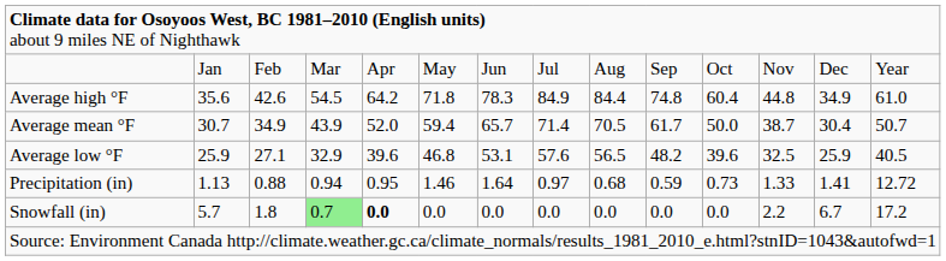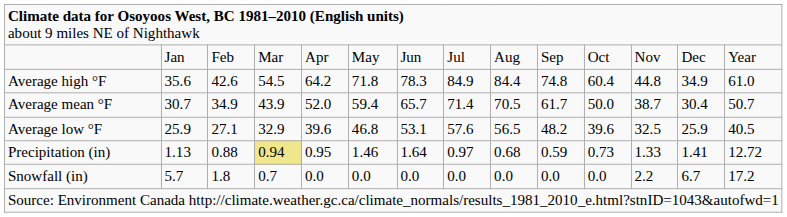 <table class="wikitable" align="center">
 <tr>
 <td colspan="14"><strong>Climate data for Osoyoos West, BC 1981–2010 (English units)</strong><br>about 9 miles NE of Nighthawk</td>
 </tr>
 <tr>
 <td></td>
 <td>Jan</td>
 <td>Feb</td>
 <td>Mar</td>
 <td>Apr</td>
 <td>May</td>
 <td>Jun</td>
 <td>Jul</td>
 <td>Aug</td>
 <td>Sep</td>
 <td>Oct</td>
 <td>Nov</td>
 <td>Dec</td>
 <td>Year</td>
 </tr>
 <tr>
 <td>Average high °F</td>
 <td>35.6</td>
 <td>42.6</td>
 <td>54.5</td>
 <td>64.2</td>
 <td>71.8</td>
 <td>78.3</td>
 <td>84.9</td>
 <td>84.4</td>
 <td>74.8</td>
 <td>60.4</td>
 <td>44.8</td>
 <td>34.9</td>
 <td>61.0</td>
 </tr>
 <tr>
 <td>Average mean °F</td>
 <td>30.7</td>
 <td>34.9</td>
 <td>43.9</td>
 <td>52.0</td>
 <td>59.4</td>
 <td>65.7</td>
 <td>71.4</td>
 <td>70.5</td>
 <td>61.7</td>
 <td>50.0</td>
 <td>38.7</td>
 <td>30.4</td>
 <td>50.7</td>
 </tr>
 <tr>
 <td>Average low °F</td>
 <td>25.9</td>
 <td>27.1</td>
 <td>32.9</td>
 <td>39.6</td>
 <td>46.8</td>
 <td>53.1</td>
 <td>57.6</td>
 <td>56.5</td>
 <td>48.2</td>
 <td>39.6</td>
 <td>32.5</td>
 <td>25.9</td>
 <td>40.5</td>
 </tr>
 <tr>
 <td>Precipitation (in)</td>
 <td>1.13</td>
 <td>0.88</td>
-<td>0.94</td>
+<td style="background: khaki;">0.94</td>
 <td>0.95</td>
 <td>1.46</td>
 <td>1.64</td>
 <td>0.97</td>
 <td>0.68</td>
 <td>0.59</td>
 <td>0.73</td>
 <td>1.33</td>
 <td>1.41</td>
 <td>12.72</td>
 </tr>
 <tr>
 <td>Snowfall (in)</td>
 <td>5.7</td>
 <td>1.8</td>
-<td style="background: lightgreen;">0.7</td>
-<td><strong>0.0</strong></td>
+<td>0.7</td>
+<td>0.0</td>
 <td>0.0</td>
 <td>0.0</td>
 <td>0.0</td>
 <td>0.0</td>
 <td>0.0</td>
 <td>0.0</td>
 <td>2.2</td>
 <td>6.7</td>
 <td>17.2</td>
 </tr>
 <tr>
 <td colspan="14">Source: Environment Canada http://climate.weather.gc.ca/climate_normals/results_1981_2010_e.html?stnID=1043&autofwd=1</td>
 </tr>
 </table>
